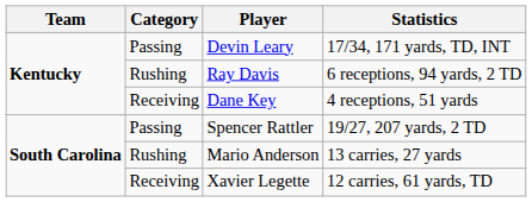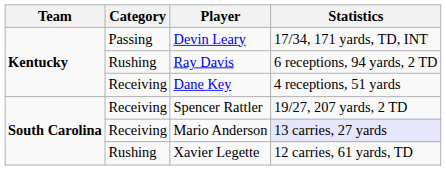 <table class="wikitable" style="float: right;">
 <tr>
 <th>Team</th>
 <th>Category</th>
 <th>Player</th>
 <th>Statistics</th>
 </tr>
 <tr>
 <td rowspan=3><strong>Kentucky</strong></td>
 <td>Passing</td>
 <td><a href='#'>Devin Leary</a></td>
 <td>17/34, 171 yards, TD, INT</td>
 </tr>
 <tr>
 <td>Rushing</td>
 <td><a href='#'>Ray Davis</a></td>
 <td>6 receptions, 94 yards, 2 TD</td>
 </tr>
 <tr>
 <td>Receiving</td>
 <td><a href='#'>Dane Key</a></td>
 <td>4 receptions, 51 yards</td>
 </tr>
 <tr>
 <td rowspan=3><strong>South Carolina</strong></td>
-<td>Passing</td>
+<td>Receiving</td>
 <td>Spencer Rattler</td>
 <td>19/27, 207 yards, 2 TD</td>
 </tr>
 <tr>
-<td>Rushing</td>
+<td>Receiving</td>
 <td>Mario Anderson</td>
-<td>13 carries, 27 yards</td>
+<td style="background: lavender;">13 carries, 27 yards</td>
 </tr>
 <tr>
-<td>Receiving</td>
+<td>Rushing</td>
 <td>Xavier Legette</td>
 <td>12 carries, 61 yards, TD</td>
 </tr>
 </table>
